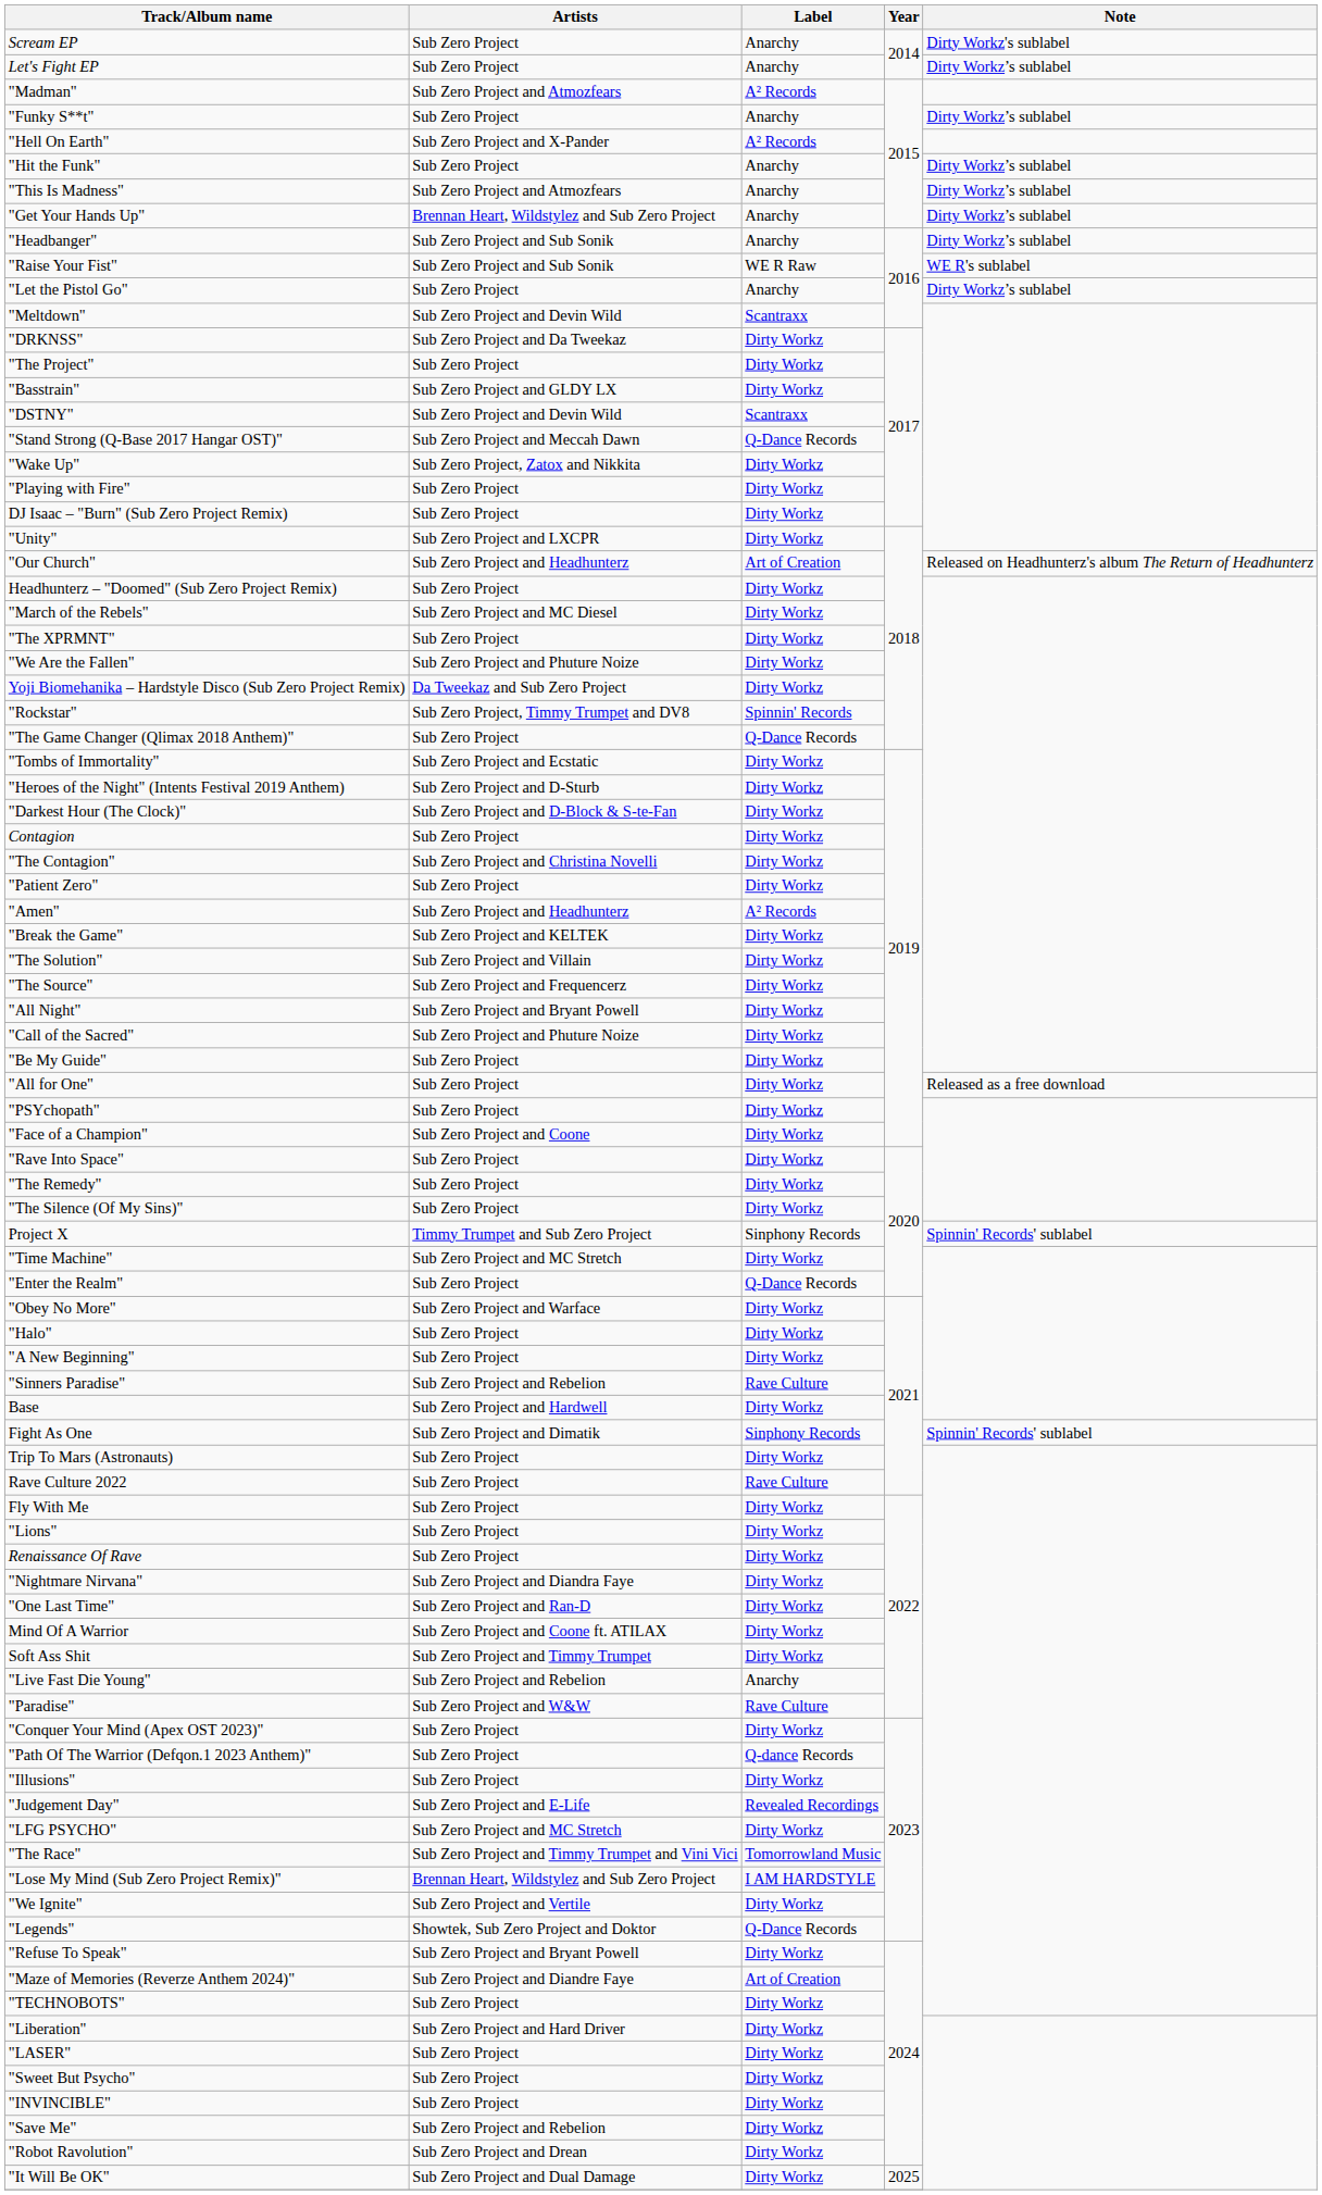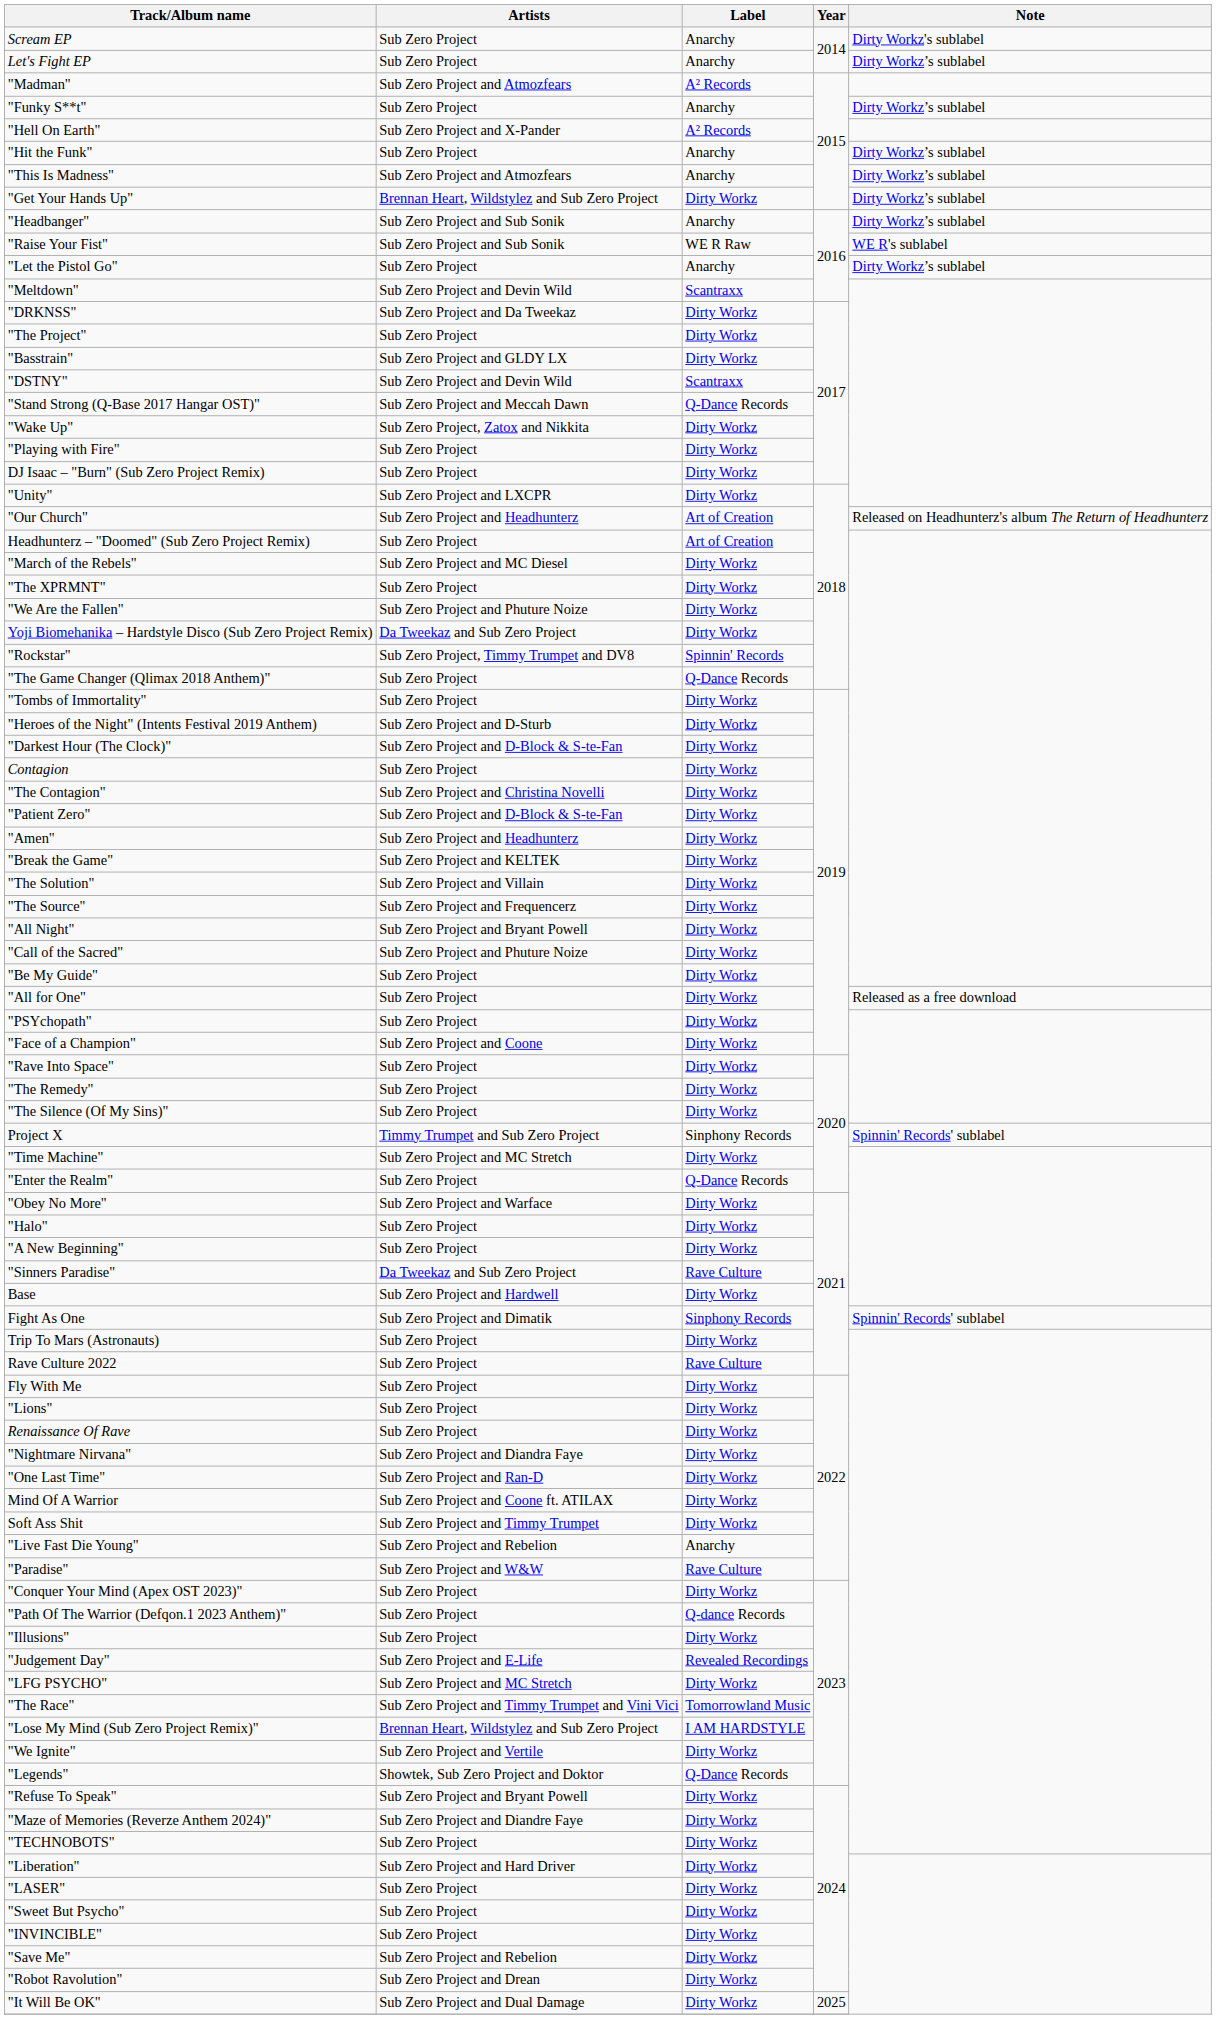 <table class="wikitable plainrowheaders">
 <tr>
 <th>Track/Album name</th>
 <th>Artists</th>
 <th>Label</th>
 <th>Year</th>
 <th>Note</th>
 </tr>
 <tr>
 <td><em>Scream EP</em></td>
 <td>Sub Zero Project</td>
 <td>Anarchy</td>
 <td rowspan="2">2014</td>
 <td><a href='#'>Dirty Workz</a>'s sublabel</td>
 </tr>
 <tr>
 <td><em>Let's Fight EP</em></td>
 <td>Sub Zero Project</td>
 <td>Anarchy</td>
 <td><a href='#'>Dirty Workz</a>’s sublabel</td>
 </tr>
 <tr>
 <td>"Madman"</td>
 <td>Sub Zero Project and <a href='#'>Atmozfears</a></td>
 <td><a href='#'>A² Records</a></td>
 <td rowspan="6">2015</td>
 <td></td>
 </tr>
 <tr>
 <td>"Funky S**t"</td>
 <td>Sub Zero Project</td>
 <td>Anarchy</td>
 <td><a href='#'>Dirty Workz</a>’s sublabel</td>
 </tr>
 <tr>
 <td>"Hell On Earth"</td>
 <td>Sub Zero Project and X-Pander</td>
 <td><a href='#'>A² Records</a></td>
 <td></td>
 </tr>
 <tr>
 <td>"Hit the Funk"</td>
 <td>Sub Zero Project</td>
 <td>Anarchy</td>
 <td><a href='#'>Dirty Workz</a>’s sublabel</td>
 </tr>
 <tr>
 <td>"This Is Madness"</td>
 <td>Sub Zero Project and Atmozfears</td>
 <td>Anarchy</td>
 <td><a href='#'>Dirty Workz</a>’s sublabel</td>
 </tr>
 <tr>
 <td>"Get Your Hands Up"</td>
 <td><a href='#'>Brennan Heart</a>, <a href='#'>Wildstylez</a> and Sub Zero Project</td>
-<td>Anarchy</td>
+<td><a href='#'>Dirty Workz</a></td>
 <td><a href='#'>Dirty Workz</a>’s sublabel</td>
 </tr>
 <tr>
 <td>"Headbanger"</td>
 <td>Sub Zero Project and Sub Sonik</td>
 <td>Anarchy</td>
 <td rowspan="4">2016</td>
 <td><a href='#'>Dirty Workz</a>’s sublabel</td>
 </tr>
 <tr>
 <td>"Raise Your Fist"</td>
 <td>Sub Zero Project and Sub Sonik</td>
 <td>WE R Raw</td>
 <td><a href='#'>WE R</a>'s sublabel</td>
 </tr>
 <tr>
 <td>"Let the Pistol Go"</td>
 <td>Sub Zero Project</td>
 <td>Anarchy</td>
 <td><a href='#'>Dirty Workz</a>’s sublabel</td>
 </tr>
 <tr>
 <td>"Meltdown"</td>
 <td>Sub Zero Project and Devin Wild</td>
 <td><a href='#'>Scantraxx</a></td>
 <td rowspan="10"></td>
 </tr>
 <tr>
 <td>"DRKNSS"</td>
 <td>Sub Zero Project and Da Tweekaz</td>
 <td><a href='#'>Dirty Workz</a></td>
 <td rowspan="8">2017</td>
 </tr>
 <tr>
 <td>"The Project"</td>
 <td>Sub Zero Project</td>
 <td><a href='#'>Dirty Workz</a></td>
 </tr>
 <tr>
 <td>"Basstrain"</td>
 <td>Sub Zero Project and GLDY LX</td>
 <td><a href='#'>Dirty Workz</a></td>
 </tr>
 <tr>
 <td>"DSTNY"</td>
 <td>Sub Zero Project and Devin Wild</td>
 <td><a href='#'>Scantraxx</a></td>
 </tr>
 <tr>
 <td>"Stand Strong (Q-Base 2017 Hangar OST)"</td>
 <td>Sub Zero Project and Meccah Dawn</td>
 <td><a href='#'>Q-Dance</a> Records</td>
 </tr>
 <tr>
 <td>"Wake Up"</td>
 <td>Sub Zero Project, <a href='#'>Zatox</a> and Nikkita</td>
 <td><a href='#'>Dirty Workz</a></td>
 </tr>
 <tr>
 <td>"Playing with Fire"</td>
 <td>Sub Zero Project</td>
 <td><a href='#'>Dirty Workz</a></td>
 </tr>
 <tr>
 <td>DJ Isaac – "Burn" (Sub Zero Project Remix)</td>
 <td>Sub Zero Project</td>
 <td><a href='#'>Dirty Workz</a></td>
 </tr>
 <tr>
 <td>"Unity"</td>
 <td>Sub Zero Project and LXCPR</td>
 <td><a href='#'>Dirty Workz</a></td>
 <td rowspan="9">2018</td>
 </tr>
 <tr>
 <td>"Our Church"</td>
 <td>Sub Zero Project and <a href='#'>Headhunterz</a></td>
 <td><a href='#'>Art of Creation</a></td>
 <td>Released on Headhunterz's album <em>The Return of Headhunterz</em></td>
 </tr>
 <tr>
 <td>Headhunterz – "Doomed" (Sub Zero Project Remix)</td>
 <td>Sub Zero Project</td>
-<td><a href='#'>Dirty Workz</a></td>
+<td><a href='#'>Art of Creation</a></td>
 <td rowspan="20"></td>
 </tr>
 <tr>
 <td>"March of the Rebels"</td>
 <td>Sub Zero Project and MC Diesel</td>
 <td><a href='#'>Dirty Workz</a></td>
 </tr>
 <tr>
 <td>"The XPRMNT"</td>
 <td>Sub Zero Project</td>
 <td><a href='#'>Dirty Workz</a></td>
 </tr>
 <tr>
 <td>"We Are the Fallen"</td>
 <td>Sub Zero Project and Phuture Noize</td>
 <td><a href='#'>Dirty Workz</a></td>
 </tr>
 <tr>
 <td><a href='#'>Yoji Biomehanika</a> – Hardstyle Disco (Sub Zero Project Remix)</td>
 <td><a href='#'>Da Tweekaz</a> and Sub Zero Project</td>
 <td><a href='#'>Dirty Workz</a></td>
 </tr>
 <tr>
 <td>"Rockstar"</td>
 <td>Sub Zero Project, <a href='#'>Timmy Trumpet</a> and DV8</td>
 <td><a href='#'>Spinnin' Records</a></td>
 </tr>
 <tr>
 <td>"The Game Changer (Qlimax 2018 Anthem)"</td>
 <td>Sub Zero Project</td>
 <td><a href='#'>Q-Dance</a> Records</td>
 </tr>
 <tr>
 <td>"Tombs of Immortality"</td>
-<td>Sub Zero Project and Ecstatic</td>
+<td>Sub Zero Project</td>
 <td><a href='#'>Dirty Workz</a></td>
 <td rowspan="16">2019</td>
 </tr>
 <tr>
 <td>"Heroes of the Night" (Intents Festival 2019 Anthem)</td>
 <td>Sub Zero Project and D-Sturb</td>
 <td><a href='#'>Dirty Workz</a></td>
 </tr>
 <tr>
 <td>"Darkest Hour (The Clock)"</td>
 <td>Sub Zero Project and <a href='#'>D-Block & S-te-Fan</a></td>
 <td><a href='#'>Dirty Workz</a></td>
 </tr>
 <tr>
 <td><em>Contagion</em></td>
 <td>Sub Zero Project</td>
 <td><a href='#'>Dirty Workz</a></td>
 </tr>
 <tr>
 <td>"The Contagion"</td>
 <td>Sub Zero Project and <a href='#'>Christina Novelli</a></td>
 <td><a href='#'>Dirty Workz</a></td>
 </tr>
 <tr>
 <td>"Patient Zero"</td>
-<td>Sub Zero Project</td>
+<td>Sub Zero Project and <a href='#'>D-Block & S-te-Fan</a></td>
 <td><a href='#'>Dirty Workz</a></td>
 </tr>
 <tr>
 <td>"Amen"</td>
 <td>Sub Zero Project and <a href='#'>Headhunterz</a></td>
-<td><a href='#'>A² Records</a></td>
+<td><a href='#'>Dirty Workz</a></td>
 </tr>
 <tr>
 <td>"Break the Game"</td>
 <td>Sub Zero Project and KELTEK</td>
 <td><a href='#'>Dirty Workz</a></td>
 </tr>
 <tr>
 <td>"The Solution"</td>
 <td>Sub Zero Project and Villain</td>
 <td><a href='#'>Dirty Workz</a></td>
 </tr>
 <tr>
 <td>"The Source"</td>
 <td>Sub Zero Project and Frequencerz</td>
 <td><a href='#'>Dirty Workz</a></td>
 </tr>
 <tr>
 <td>"All Night"</td>
 <td>Sub Zero Project and Bryant Powell</td>
 <td><a href='#'>Dirty Workz</a></td>
 </tr>
 <tr>
 <td>"Call of the Sacred"</td>
 <td>Sub Zero Project and Phuture Noize</td>
 <td><a href='#'>Dirty Workz</a></td>
 </tr>
 <tr>
 <td>"Be My Guide"</td>
 <td>Sub Zero Project</td>
 <td><a href='#'>Dirty Workz</a></td>
 </tr>
 <tr>
 <td>"All for One"</td>
 <td>Sub Zero Project</td>
 <td><a href='#'>Dirty Workz</a></td>
 <td>Released as a free download</td>
 </tr>
 <tr>
 <td>"PSYchopath"</td>
 <td>Sub Zero Project</td>
 <td><a href='#'>Dirty Workz</a></td>
 <td rowspan="5"></td>
 </tr>
 <tr>
 <td>"Face of a Champion"</td>
 <td>Sub Zero Project and <a href='#'>Coone</a></td>
 <td><a href='#'>Dirty Workz</a></td>
 </tr>
 <tr>
 <td>"Rave Into Space"</td>
 <td>Sub Zero Project</td>
 <td><a href='#'>Dirty Workz</a></td>
 <td rowspan="6">2020</td>
 </tr>
 <tr>
 <td>"The Remedy"</td>
 <td>Sub Zero Project</td>
 <td><a href='#'>Dirty Workz</a></td>
 </tr>
 <tr>
 <td>"The Silence (Of My Sins)"</td>
 <td>Sub Zero Project</td>
 <td><a href='#'>Dirty Workz</a></td>
 </tr>
 <tr>
 <td>Project X</td>
 <td><a href='#'>Timmy Trumpet</a> and Sub Zero Project</td>
 <td>Sinphony Records</td>
 <td><a href='#'>Spinnin' Records</a>' sublabel</td>
 </tr>
 <tr>
 <td>"Time Machine"</td>
 <td>Sub Zero Project and MC Stretch</td>
 <td><a href='#'>Dirty Workz</a></td>
 <td rowspan="7"></td>
 </tr>
 <tr>
 <td>"Enter the Realm"</td>
 <td>Sub Zero Project</td>
 <td><a href='#'>Q-Dance</a> Records</td>
 </tr>
 <tr>
 <td>"Obey No More"</td>
 <td>Sub Zero Project and Warface</td>
 <td><a href='#'>Dirty Workz</a></td>
 <td rowspan="8">2021</td>
 </tr>
 <tr>
 <td>"Halo"</td>
 <td>Sub Zero Project</td>
 <td><a href='#'>Dirty Workz</a></td>
 </tr>
 <tr>
 <td>"A New Beginning"</td>
 <td>Sub Zero Project</td>
 <td><a href='#'>Dirty Workz</a></td>
 </tr>
 <tr>
 <td>"Sinners Paradise"</td>
-<td>Sub Zero Project and Rebelion</td>
+<td><a href='#'>Da Tweekaz</a> and Sub Zero Project</td>
 <td><a href='#'>Rave Culture</a></td>
 </tr>
 <tr>
 <td>Base</td>
 <td>Sub Zero Project and <a href='#'>Hardwell</a></td>
 <td><a href='#'>Dirty Workz</a></td>
 </tr>
 <tr>
 <td>Fight As One</td>
 <td>Sub Zero Project and Dimatik</td>
 <td><a href='#'>Sinphony Records</a></td>
 <td><a href='#'>Spinnin' Records</a>' sublabel</td>
 </tr>
 <tr>
 <td>Trip To Mars (Astronauts)</td>
 <td>Sub Zero Project</td>
 <td><a href='#'>Dirty Workz</a></td>
 <td rowspan="23"></td>
 </tr>
 <tr>
 <td>Rave Culture 2022</td>
 <td>Sub Zero Project</td>
 <td><a href='#'>Rave Culture</a></td>
 </tr>
 <tr>
 <td>Fly With Me</td>
 <td>Sub Zero Project</td>
 <td><a href='#'>Dirty Workz</a></td>
 <td rowspan="9">2022</td>
 </tr>
 <tr>
 <td>"Lions"</td>
 <td>Sub Zero Project</td>
 <td><a href='#'>Dirty Workz</a></td>
 </tr>
 <tr>
 <td><em>Renaissance Of Rave</em></td>
 <td>Sub Zero Project</td>
 <td><a href='#'>Dirty Workz</a></td>
 </tr>
 <tr>
 <td>"Nightmare Nirvana"</td>
 <td>Sub Zero Project and Diandra Faye</td>
 <td><a href='#'>Dirty Workz</a></td>
 </tr>
 <tr>
 <td>"One Last Time"</td>
 <td>Sub Zero Project and <a href='#'>Ran-D</a></td>
 <td><a href='#'>Dirty Workz</a></td>
 </tr>
 <tr>
 <td>Mind Of A Warrior</td>
 <td>Sub Zero Project and <a href='#'>Coone</a> ft. ATILAX</td>
 <td><a href='#'>Dirty Workz</a></td>
 </tr>
 <tr>
 <td>Soft Ass Shit</td>
 <td>Sub Zero Project and <a href='#'>Timmy Trumpet</a></td>
 <td><a href='#'>Dirty Workz</a></td>
 </tr>
 <tr>
 <td>"Live Fast Die Young"</td>
 <td>Sub Zero Project and Rebelion</td>
 <td>Anarchy</td>
 </tr>
 <tr>
 <td>"Paradise"</td>
 <td>Sub Zero Project and <a href='#'>W&W</a></td>
 <td><a href='#'>Rave Culture</a></td>
 </tr>
 <tr>
 <td>"Conquer Your Mind (Apex OST 2023)"</td>
 <td>Sub Zero Project</td>
 <td><a href='#'>Dirty Workz</a></td>
 <td rowspan="9”">2023</td>
 </tr>
 <tr>
 <td>"Path Of The Warrior (Defqon.1 2023 Anthem)"</td>
 <td>Sub Zero Project</td>
 <td><a href='#'>Q-dance</a> Records</td>
 </tr>
 <tr>
 <td>"Illusions"</td>
 <td>Sub Zero Project</td>
 <td><a href='#'>Dirty Workz</a></td>
 </tr>
 <tr>
 <td>"Judgement Day"</td>
 <td>Sub Zero Project and <a href='#'>E-Life</a></td>
 <td><a href='#'>Revealed Recordings</a></td>
 </tr>
 <tr>
 <td>"LFG PSYCHO"</td>
 <td>Sub Zero Project and <a href='#'>MC Stretch</a></td>
 <td><a href='#'>Dirty Workz</a></td>
 </tr>
 <tr>
 <td>"The Race"</td>
 <td>Sub Zero Project and <a href='#'>Timmy Trumpet</a> and <a href='#'>Vini Vici</a></td>
 <td><a href='#'>Tomorrowland Music</a></td>
 </tr>
 <tr>
 <td>"Lose My Mind (Sub Zero Project Remix)"</td>
 <td><a href='#'>Brennan Heart</a>, <a href='#'>Wildstylez</a> and Sub Zero Project</td>
 <td><a href='#'>I AM HARDSTYLE</a></td>
 </tr>
 <tr>
 <td>"We Ignite"</td>
 <td>Sub Zero Project and <a href='#'>Vertile</a></td>
 <td><a href='#'>Dirty Workz</a></td>
 </tr>
 <tr>
 <td>"Legends"</td>
 <td>Showtek, Sub Zero Project and Doktor</td>
 <td><a href='#'>Q-Dance</a> Records</td>
 </tr>
 <tr>
 <td>"Refuse To Speak"</td>
 <td>Sub Zero Project and Bryant Powell</td>
 <td><a href='#'>Dirty Workz</a></td>
 <td rowspan="9">2024</td>
 </tr>
 <tr>
 <td>"Maze of Memories (Reverze Anthem 2024)"</td>
 <td>Sub Zero Project and Diandre Faye</td>
-<td><a href='#'>Art of Creation</a></td>
+<td><a href='#'>Dirty Workz</a></td>
 </tr>
 <tr>
 <td>"TECHNOBOTS"</td>
 <td>Sub Zero Project</td>
 <td><a href='#'>Dirty Workz</a></td>
 </tr>
 <tr>
 <td>"Liberation"</td>
 <td>Sub Zero Project and Hard Driver</td>
 <td><a href='#'>Dirty Workz</a></td>
 </tr>
 <tr>
 <td>"LASER"</td>
 <td>Sub Zero Project</td>
 <td><a href='#'>Dirty Workz</a></td>
 </tr>
 <tr>
 <td>"Sweet But Psycho"</td>
 <td>Sub Zero Project</td>
 <td><a href='#'>Dirty Workz</a></td>
 </tr>
 <tr>
 <td>"INVINCIBLE"</td>
 <td>Sub Zero Project</td>
 <td><a href='#'>Dirty Workz</a></td>
 </tr>
 <tr>
 <td>"Save Me"</td>
 <td>Sub Zero Project and Rebelion</td>
 <td><a href='#'>Dirty Workz</a></td>
 </tr>
 <tr>
 <td>"Robot Ravolution"</td>
 <td>Sub Zero Project and Drean</td>
 <td><a href='#'>Dirty Workz</a></td>
 </tr>
 <tr>
 <td>"It Will Be OK"</td>
 <td>Sub Zero Project and Dual Damage</td>
 <td><a href='#'>Dirty Workz</a></td>
 <td rowspan="1">2025</td>
 </tr>
 <tr>
 </tr>
 </table>
